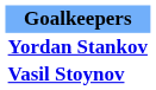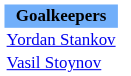 <table class="toccolours" border="0" cellpadding="2" cellspacing="0" align="left" style="margin:0.5em;">
 <tr>
 <th colspan="4" align="center" bgcolor="#71AFFA"><span>Goalkeepers</span></th>
 </tr>
 <tr>
-<td><strong> <a href='#'>Yordan Stankov</a></strong></td>
+<td> <a href='#'>Yordan Stankov</a></td>
 </tr>
 <tr>
-<td><strong> <a href='#'>Vasil Stoynov</a></strong></td>
+<td> <a href='#'>Vasil Stoynov</a></td>
 </tr>
 <tr>
 </tr>
 </table>
